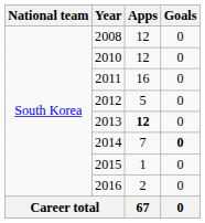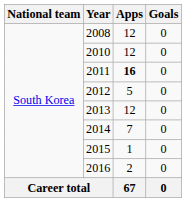 <table class="wikitable" style="text-align:center">
 <tr>
 <th>National team</th>
 <th>Year</th>
 <th>Apps</th>
 <th>Goals</th>
 </tr>
 <tr>
 <td rowspan="8"><a href='#'>South Korea</a></td>
 <td>2008</td>
 <td>12</td>
 <td>0</td>
 </tr>
 <tr>
 <td>2010</td>
 <td>12</td>
 <td>0</td>
 </tr>
 <tr>
 <td>2011</td>
-<td>16</td>
+<td><strong>16</strong></td>
 <td>0</td>
 </tr>
 <tr>
 <td>2012</td>
 <td>5</td>
 <td>0</td>
 </tr>
 <tr>
 <td>2013</td>
-<td><strong>12</strong></td>
+<td>12</td>
 <td>0</td>
 </tr>
 <tr>
 <td>2014</td>
 <td>7</td>
-<td><strong>0</strong></td>
+<td>0</td>
 </tr>
 <tr>
 <td>2015</td>
 <td>1</td>
 <td>0</td>
 </tr>
 <tr>
 <td>2016</td>
 <td>2</td>
 <td>0</td>
 </tr>
 <tr>
 <th colspan="2">Career total</th>
 <th>67</th>
 <th>0</th>
 </tr>
 </table>
